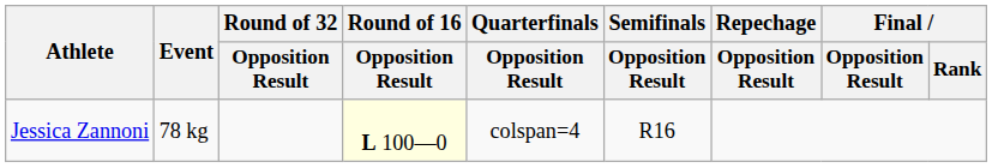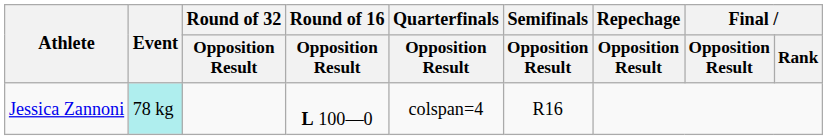 <table class="wikitable" style="font-size:90%">
 <tr>
 <th rowspan=2>Athlete</th>
 <th rowspan=2>Event</th>
 <th>Round of 32</th>
 <th>Round of 16</th>
 <th>Quarterfinals</th>
 <th>Semifinals</th>
 <th>Repechage</th>
 <th colspan=2>Final / </th>
 </tr>
 <tr style="font-size:95%">
 <th>Opposition<br>Result</th>
 <th>Opposition<br>Result</th>
 <th>Opposition<br>Result</th>
 <th>Opposition<br>Result</th>
 <th>Opposition<br>Result</th>
 <th>Opposition<br>Result</th>
 <th>Rank</th>
 </tr>
 <tr align=center>
 <td align=left><a href='#'>Jessica Zannoni</a></td>
-<td align=left>78 kg</td>
+<td align=left style="background: paleturquoise;">78 kg</td>
 <td></td>
-<td style="background: lightyellow;"> <br> <strong>L</strong> 100—0</td>
+<td> <br> <strong>L</strong> 100—0</td>
 <td>colspan=4 </td>
 <td>R16</td>
 </tr>
 </table>
